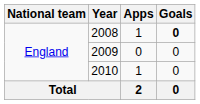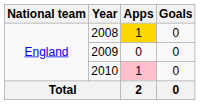 <table class=wikitable style="text-align: center">
 <tr>
 <th>National team</th>
 <th>Year</th>
 <th>Apps</th>
 <th>Goals</th>
 </tr>
 <tr>
 <td rowspan="3"><a href='#'>England</a></td>
 <td>2008</td>
-<td>1</td>
-<td><strong>0</strong></td>
+<td style="background: gold;">1</td>
+<td>0</td>
 </tr>
 <tr>
 <td>2009</td>
 <td>0</td>
 <td>0</td>
 </tr>
 <tr>
 <td>2010</td>
-<td>1</td>
+<td style="background: pink;">1</td>
 <td>0</td>
 </tr>
 <tr>
 <th colspan=2>Total</th>
 <th>2</th>
 <th>0</th>
 </tr>
 </table>
